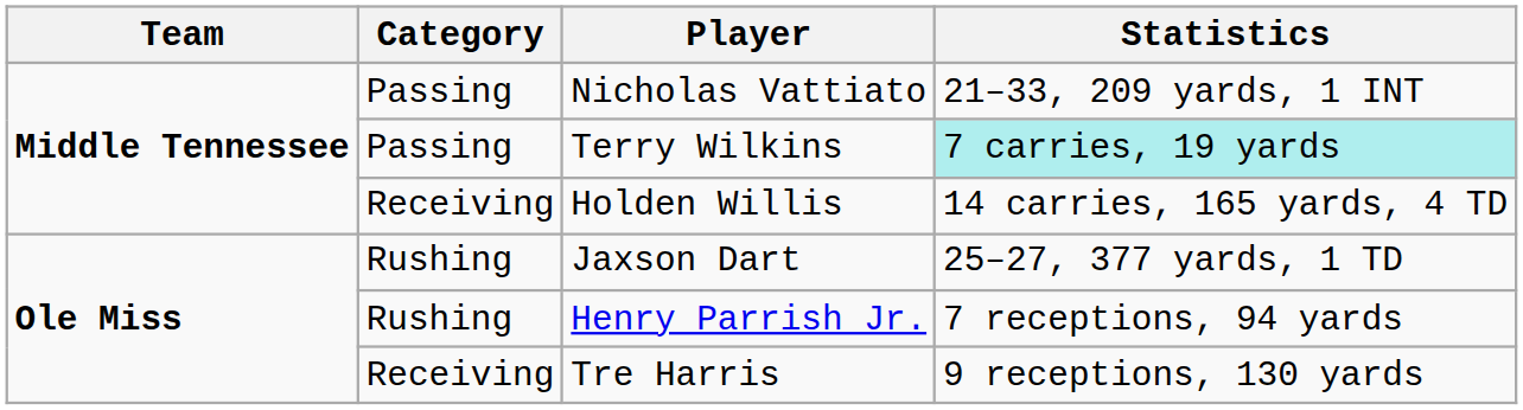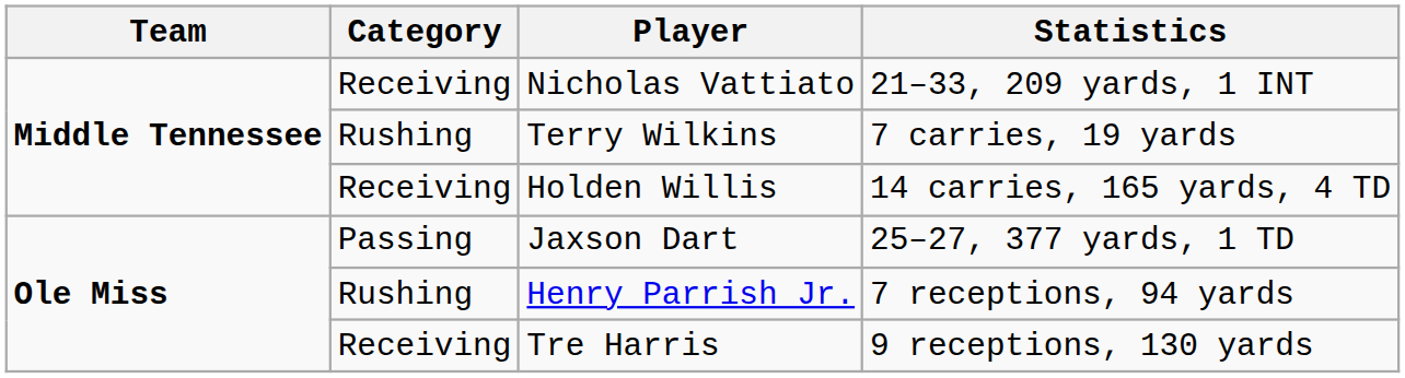 <table class="wikitable" style="float: right;">
 <tr>
 <th>Team</th>
 <th>Category</th>
 <th>Player</th>
 <th>Statistics</th>
 </tr>
 <tr>
 <td rowspan=3><strong>Middle Tennessee</strong></td>
-<td>Passing</td>
+<td>Receiving</td>
 <td>Nicholas Vattiato</td>
 <td>21–33, 209 yards, 1 INT</td>
 </tr>
 <tr>
-<td>Passing</td>
+<td>Rushing</td>
 <td>Terry Wilkins</td>
-<td style="background: paleturquoise;">7 carries, 19 yards</td>
+<td>7 carries, 19 yards</td>
 </tr>
 <tr>
 <td>Receiving</td>
 <td>Holden Willis</td>
 <td>14 carries, 165 yards, 4 TD</td>
 </tr>
 <tr>
 <td rowspan=3><strong>Ole Miss</strong></td>
-<td>Rushing</td>
+<td>Passing</td>
 <td>Jaxson Dart</td>
 <td>25–27, 377 yards, 1 TD</td>
 </tr>
 <tr>
 <td>Rushing</td>
 <td><a href='#'>Henry Parrish Jr.</a></td>
 <td>7 receptions, 94 yards</td>
 </tr>
 <tr>
 <td>Receiving</td>
 <td>Tre Harris</td>
 <td>9 receptions, 130 yards</td>
 </tr>
 </table>
